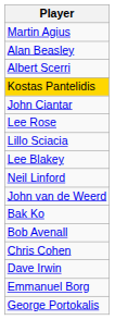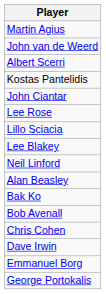 <table class="wikitable">
 <tr>
 <th>Player</th>
 </tr>
 <tr>
 <td> <a href='#'>Martin Agius</a></td>
 </tr>
 <tr>
-<td> <a href='#'>Alan Beasley</a></td>
+<td> <a href='#'>John van de Weerd</a></td>
 </tr>
 <tr>
 <td> <a href='#'>Albert Scerri</a></td>
 </tr>
 <tr>
-<td style="background: gold;"> Kostas Pantelidis</td>
+<td> Kostas Pantelidis</td>
 </tr>
 <tr>
 <td> <a href='#'>John Ciantar</a></td>
 </tr>
 <tr>
 <td> <a href='#'>Lee Rose</a></td>
 </tr>
 <tr>
 <td> <a href='#'>Lillo Sciacia</a></td>
 </tr>
 <tr>
 <td> <a href='#'>Lee Blakey</a></td>
 </tr>
 <tr>
 <td> <a href='#'>Neil Linford</a></td>
 </tr>
 <tr>
-<td> <a href='#'>John van de Weerd</a></td>
+<td> <a href='#'>Alan Beasley</a></td>
 </tr>
 <tr>
 <td> <a href='#'>Bak Ko</a></td>
 </tr>
 <tr>
 <td> <a href='#'>Bob Avenall</a></td>
 </tr>
 <tr>
 <td> <a href='#'>Chris Cohen</a></td>
 </tr>
 <tr>
 <td> <a href='#'>Dave Irwin</a></td>
 </tr>
 <tr>
 <td> <a href='#'>Emmanuel Borg</a></td>
 </tr>
 <tr>
 <td> <a href='#'>George Portokalis</a></td>
 </tr>
 </table>
